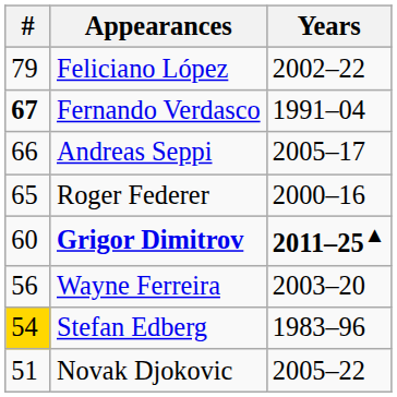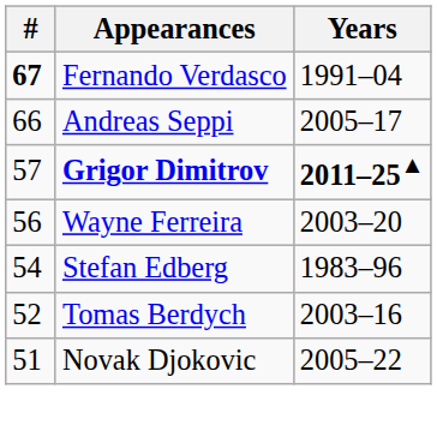 <table class="wikitable" style="display:inline-table;">
 <tr>
 <th width=20>#</th>
 <th>Appearances</th>
 <th>Years</th>
-</tr>
-<tr>
-<td>79</td>
-<td> <a href='#'>Feliciano López</a></td>
-<td>2002–22</td>
 </tr>
 <tr>
 <td><strong>67</strong></td>
 <td> <a href='#'>Fernando Verdasco</a></td>
 <td>1991–04</td>
 </tr>
 <tr>
 <td>66</td>
 <td> <a href='#'>Andreas Seppi</a></td>
 <td>2005–17<br></td>
 </tr>
 <tr>
-<td>65</td>
-<td> Roger Federer</td>
-<td>2000–16</td>
-</tr>
-<tr>
-<td>60</td>
+<td>57</td>
 <td><strong> <a href='#'>Grigor Dimitrov</a></strong></td>
 <td><strong>2011–25</strong><sup>▲</sup></td>
 </tr>
 <tr>
 <td>56</td>
 <td> <a href='#'>Wayne Ferreira</a></td>
 <td>2003–20</td>
 </tr>
 <tr>
-<td style="background: gold;">54</td>
+<td>54</td>
 <td> <a href='#'>Stefan Edberg</a></td>
 <td>1983–96</td>
+</tr>
+<tr>
+<td>52</td>
+<td> <a href='#'>Tomas Berdych</a></td>
+<td>2003–16</td>
 </tr>
 <tr>
 <td>51</td>
 <td> Novak Djokovic</td>
 <td>2005–22</td>
 </tr>
 </table>
